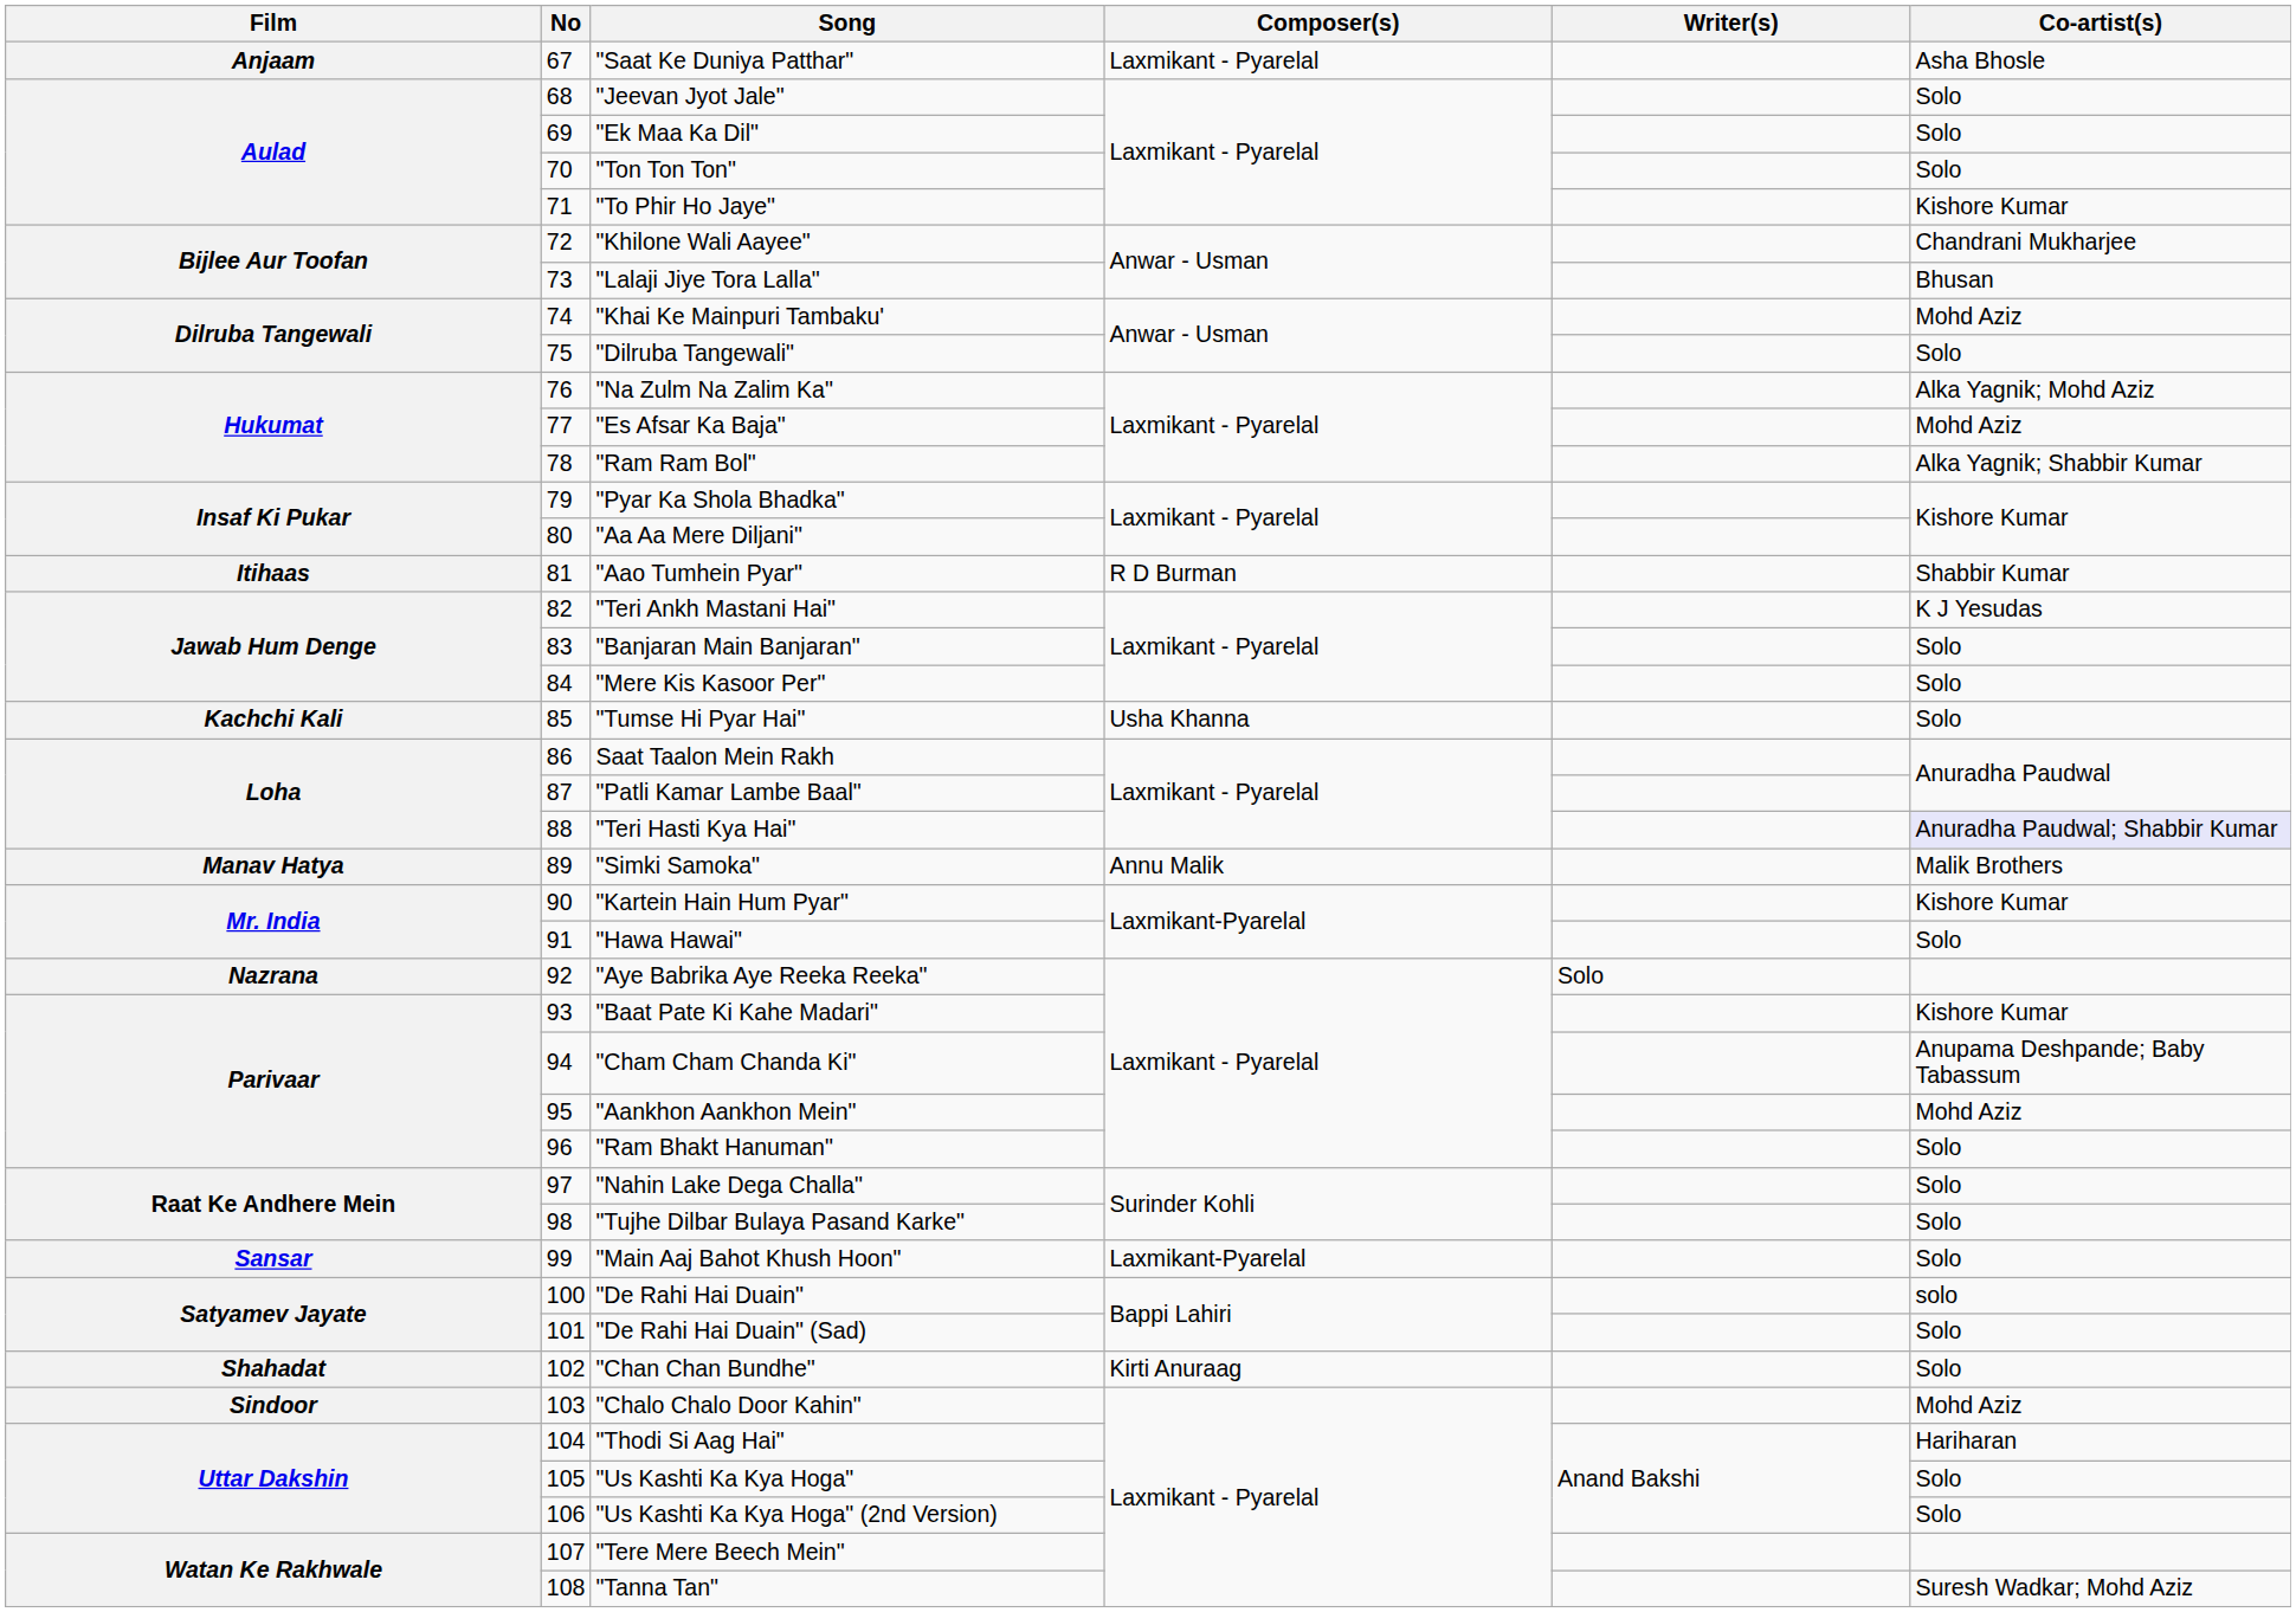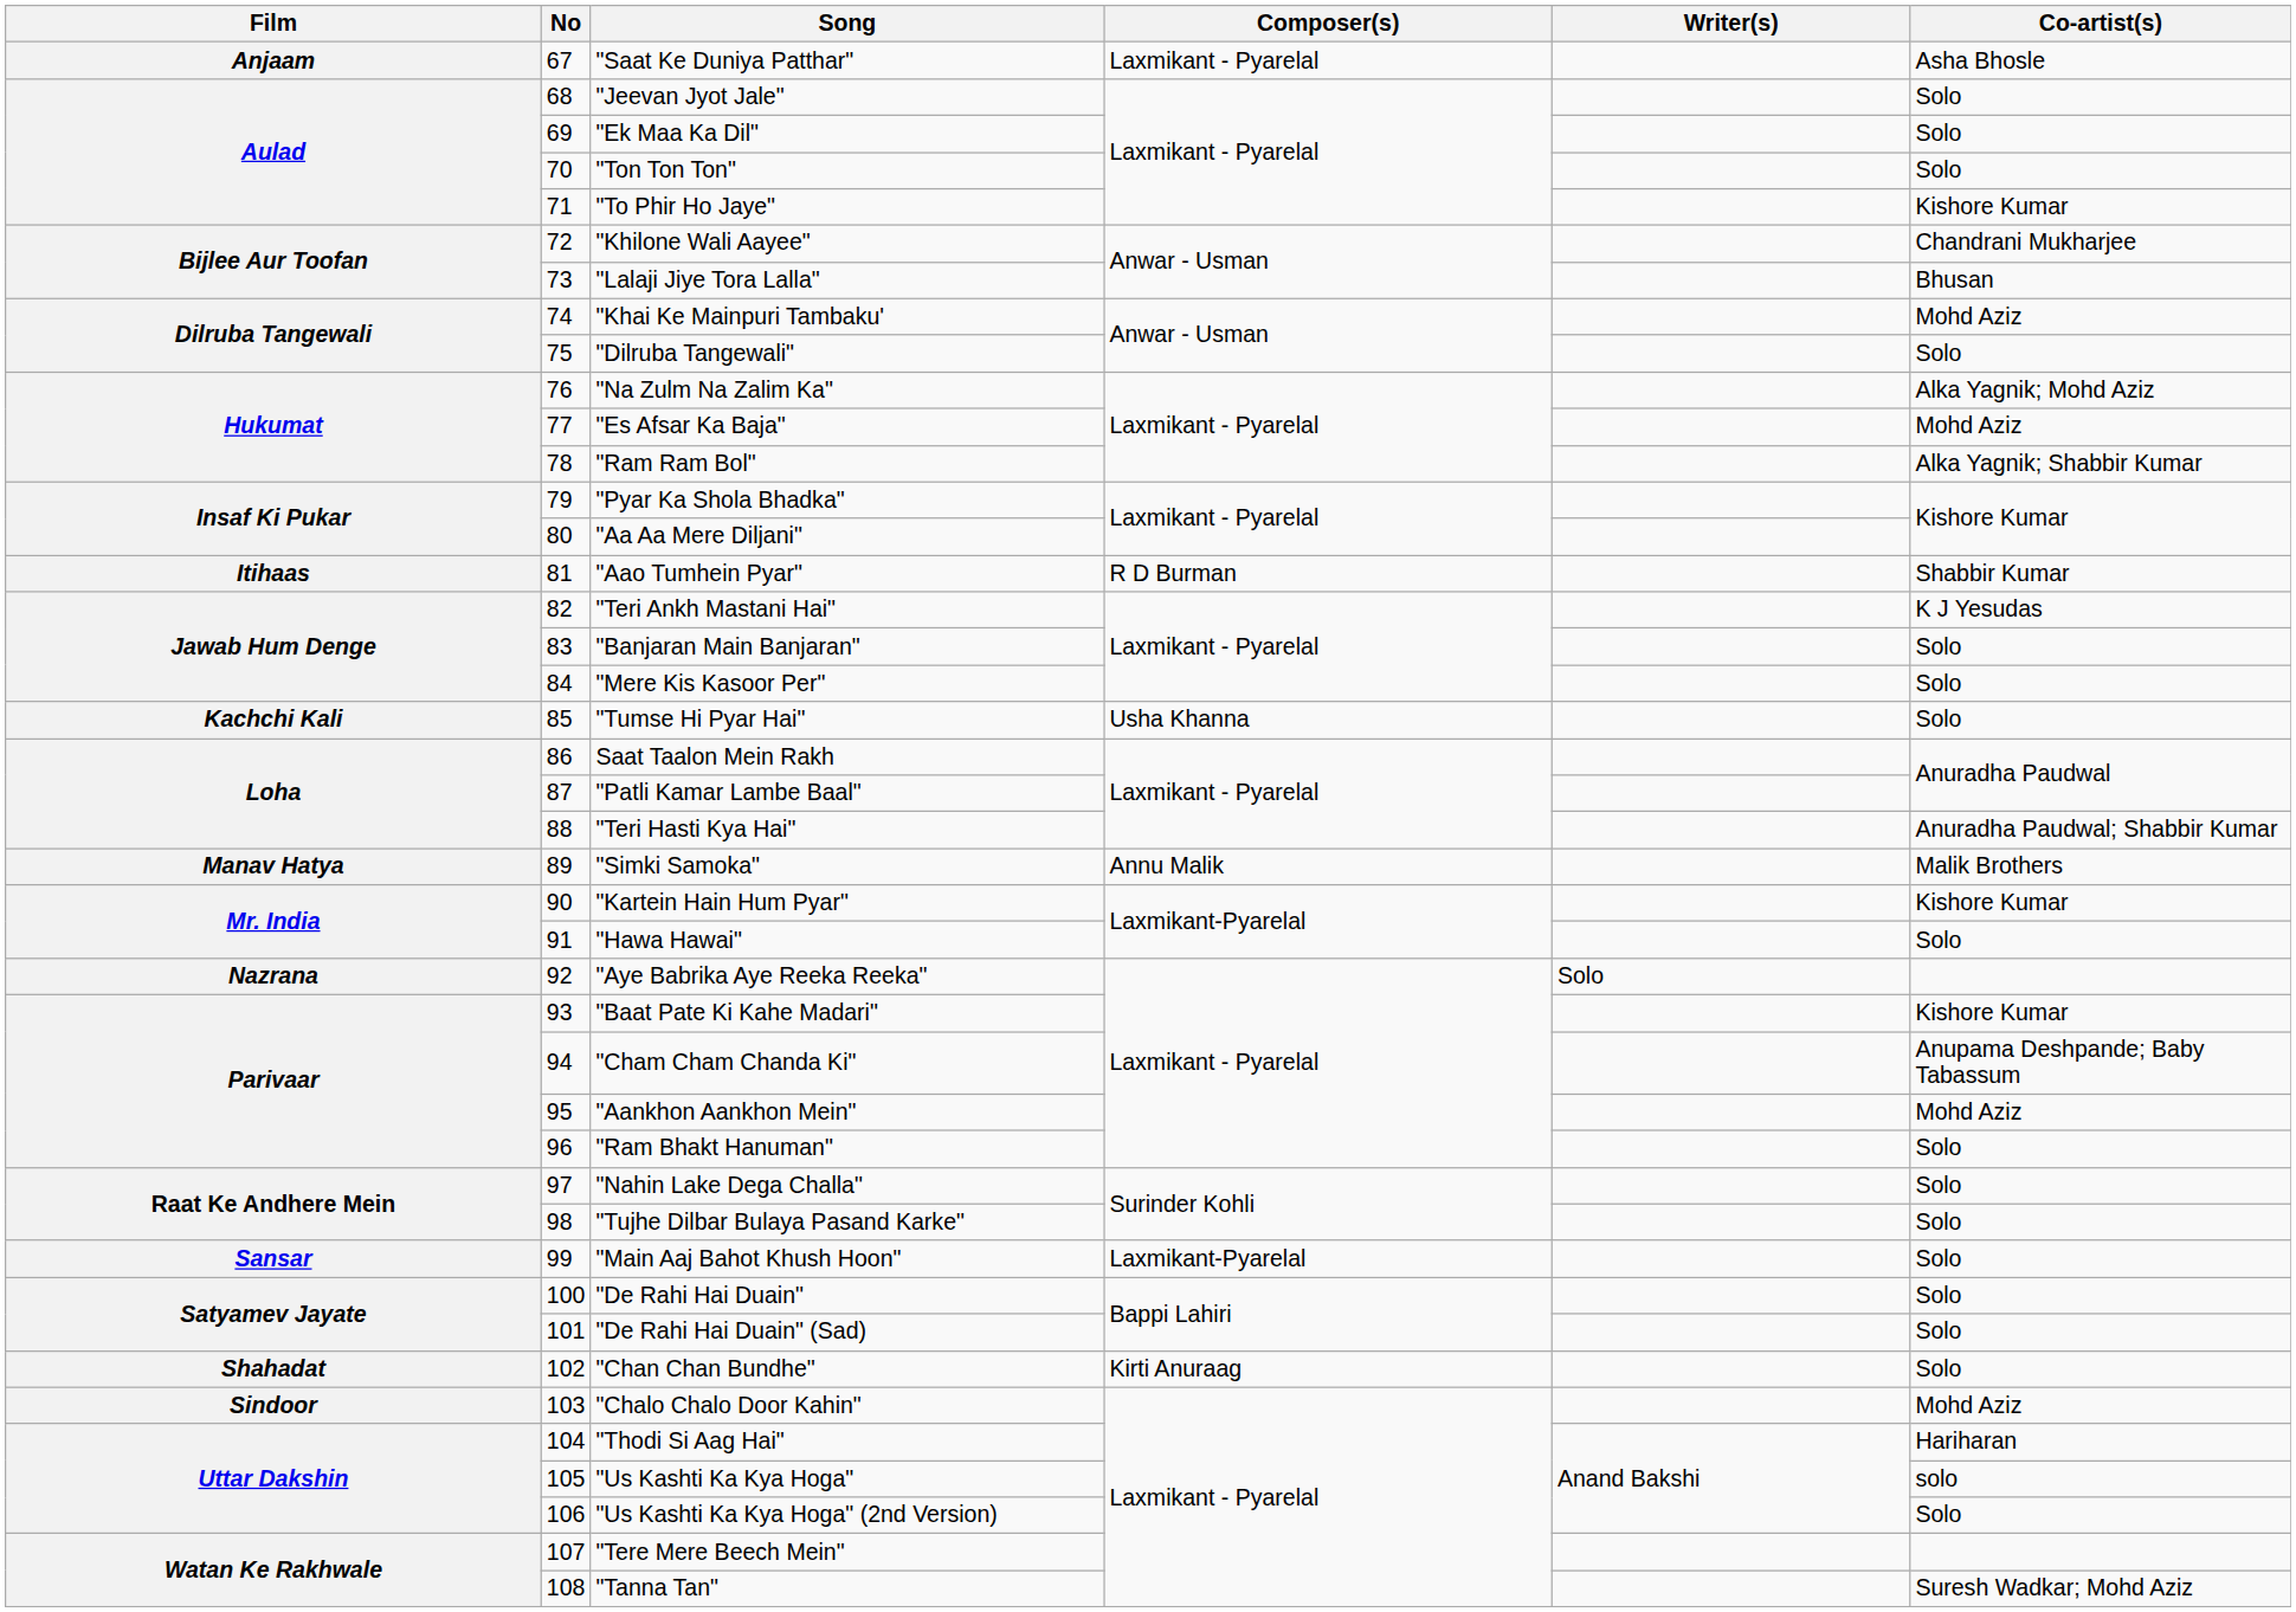 <table class="wikitable plainrowheaders" style="width:100%; textcolor:#000">
 <tr>
 <th scope="col" style="width:24%;">Film</th>
 <th>No</th>
 <th scope="col" style="width:23%;">Song</th>
 <th scope="col" style="width:20%;">Composer(s)</th>
 <th scope="col" style="width:16%;">Writer(s)</th>
 <th scope="col" style="width:18%;">Co-artist(s)</th>
 </tr>
 <tr>
 <th><em>Anjaam</em></th>
 <td>67</td>
 <td>"Saat Ke Duniya Patthar"</td>
 <td>Laxmikant - Pyarelal</td>
 <td></td>
 <td>Asha Bhosle</td>
 </tr>
 <tr>
 <th rowspan="4"><em><a href='#'>Aulad</a></em></th>
 <td>68</td>
 <td>"Jeevan Jyot Jale"</td>
 <td rowspan=4>Laxmikant - Pyarelal</td>
 <td></td>
 <td>Solo</td>
 </tr>
 <tr>
 <td>69</td>
 <td>"Ek Maa Ka Dil"</td>
 <td></td>
 <td>Solo</td>
 </tr>
 <tr>
 <td>70</td>
 <td>"Ton Ton Ton"</td>
 <td></td>
 <td>Solo</td>
 </tr>
 <tr>
 <td>71</td>
 <td>"To Phir Ho Jaye"</td>
 <td></td>
 <td>Kishore Kumar</td>
 </tr>
 <tr>
 <th rowspan=2><em>Bijlee Aur Toofan </em></th>
 <td>72</td>
 <td>"Khilone Wali Aayee"</td>
 <td rowspan=2>Anwar - Usman</td>
 <td></td>
 <td>Chandrani Mukharjee</td>
 </tr>
 <tr>
 <td>73</td>
 <td>"Lalaji Jiye Tora Lalla"</td>
 <td></td>
 <td>Bhusan</td>
 </tr>
 <tr>
 <th rowspan=2><em>Dilruba Tangewali</em></th>
 <td>74</td>
 <td>"Khai Ke Mainpuri Tambaku'</td>
 <td rowspan=2>Anwar - Usman</td>
 <td></td>
 <td>Mohd Aziz</td>
 </tr>
 <tr>
 <td>75</td>
 <td>"Dilruba Tangewali"</td>
 <td></td>
 <td>Solo</td>
 </tr>
 <tr>
 <th rowspan=3><em><a href='#'>Hukumat</a></em></th>
 <td>76</td>
 <td>"Na Zulm Na Zalim Ka"</td>
 <td rowspan=3>Laxmikant - Pyarelal</td>
 <td></td>
 <td>Alka Yagnik;  Mohd Aziz</td>
 </tr>
 <tr>
 <td>77</td>
 <td>"Es Afsar Ka Baja"</td>
 <td></td>
 <td>Mohd Aziz</td>
 </tr>
 <tr>
 <td>78</td>
 <td>"Ram Ram Bol"</td>
 <td></td>
 <td>Alka Yagnik;  Shabbir Kumar</td>
 </tr>
 <tr>
 <th rowspan=2><em>Insaf Ki Pukar</em></th>
 <td>79</td>
 <td>"Pyar Ka Shola Bhadka"</td>
 <td rowspan=2>Laxmikant - Pyarelal</td>
 <td></td>
 <td rowspan=2>Kishore Kumar</td>
 </tr>
 <tr>
 <td>80</td>
 <td>"Aa Aa Mere Diljani"</td>
 <td></td>
 </tr>
 <tr>
 <th><em>Itihaas</em></th>
 <td>81</td>
 <td>"Aao Tumhein Pyar"</td>
 <td>R D Burman</td>
 <td></td>
 <td>Shabbir Kumar</td>
 </tr>
 <tr>
 <th rowspan=3><em>Jawab Hum Denge</em></th>
 <td>82</td>
 <td>"Teri Ankh Mastani Hai"</td>
 <td rowspan=3>Laxmikant - Pyarelal</td>
 <td></td>
 <td>K J Yesudas</td>
 </tr>
 <tr>
 <td>83</td>
 <td>"Banjaran Main Banjaran"</td>
 <td></td>
 <td>Solo</td>
 </tr>
 <tr>
 <td>84</td>
 <td>"Mere Kis Kasoor Per"</td>
 <td></td>
 <td>Solo</td>
 </tr>
 <tr>
 <th><em>Kachchi Kali</em></th>
 <td>85</td>
 <td>"Tumse Hi Pyar Hai"</td>
 <td>Usha Khanna</td>
 <td></td>
 <td>Solo</td>
 </tr>
 <tr>
 <th rowspan=3><em>Loha</em></th>
 <td>86</td>
 <td>Saat Taalon Mein Rakh</td>
 <td rowspan=3>Laxmikant - Pyarelal</td>
 <td></td>
 <td rowspan=2>Anuradha Paudwal</td>
 </tr>
 <tr>
 <td>87</td>
 <td>"Patli Kamar Lambe Baal"</td>
 <td></td>
 </tr>
 <tr>
 <td>88</td>
 <td>"Teri Hasti Kya Hai"</td>
 <td></td>
-<td style="background: lavender;">Anuradha Paudwal;  Shabbir Kumar</td>
+<td>Anuradha Paudwal;  Shabbir Kumar</td>
 </tr>
 <tr>
 <th rowspan=1><em>Manav Hatya</em></th>
 <td>89</td>
 <td>"Simki Samoka"</td>
 <td>Annu Malik</td>
 <td></td>
 <td>Malik Brothers</td>
 </tr>
 <tr>
 <th rowspan=2><em><a href='#'>Mr. India</a></em></th>
 <td>90</td>
 <td>"Kartein Hain Hum Pyar"</td>
 <td rowspan=2>Laxmikant-Pyarelal</td>
 <td></td>
 <td>Kishore Kumar</td>
 </tr>
 <tr>
 <td>91</td>
 <td>"Hawa Hawai"</td>
 <td></td>
 <td>Solo</td>
 </tr>
 <tr>
 <th><em>Nazrana</em></th>
 <td>92</td>
 <td>"Aye Babrika Aye Reeka Reeka"</td>
 <td rowspan=5>Laxmikant - Pyarelal</td>
 <td>Solo</td>
 </tr>
 <tr>
 <th rowspan=4><em>Parivaar</em></th>
 <td>93</td>
 <td>"Baat Pate Ki Kahe Madari"</td>
 <td></td>
 <td>Kishore Kumar</td>
 </tr>
 <tr>
 <td>94</td>
 <td>"Cham Cham Chanda Ki"</td>
 <td></td>
 <td>Anupama Deshpande; Baby Tabassum</td>
 </tr>
 <tr>
 <td>95</td>
 <td>"Aankhon Aankhon Mein"</td>
 <td></td>
 <td>Mohd Aziz</td>
 </tr>
 <tr>
 <td>96</td>
 <td>"Ram Bhakt Hanuman"</td>
 <td></td>
 <td>Solo</td>
 </tr>
 <tr>
 <th rowspan=2>Raat Ke Andhere Mein</th>
 <td>97</td>
 <td>"Nahin Lake Dega Challa"</td>
 <td rowspan=2>Surinder Kohli</td>
 <td></td>
 <td>Solo</td>
 </tr>
 <tr>
 <td>98</td>
 <td>"Tujhe Dilbar Bulaya Pasand Karke"</td>
 <td></td>
 <td>Solo</td>
 </tr>
 <tr>
 <th><em><a href='#'>Sansar</a></em></th>
 <td>99</td>
 <td>"Main Aaj Bahot Khush Hoon"</td>
 <td>Laxmikant-Pyarelal</td>
 <td></td>
 <td>Solo</td>
 </tr>
 <tr>
 <th rowspan=2><em>Satyamev Jayate</em></th>
 <td>100</td>
 <td>"De Rahi Hai Duain"</td>
 <td rowspan=2>Bappi Lahiri</td>
 <td></td>
-<td>solo</td>
+<td>Solo</td>
 </tr>
 <tr>
 <td>101</td>
 <td>"De Rahi Hai Duain" (Sad)</td>
 <td></td>
 <td>Solo</td>
 </tr>
 <tr>
 <th><em>Shahadat</em></th>
 <td>102</td>
 <td>"Chan Chan Bundhe"</td>
 <td>Kirti Anuraag</td>
 <td></td>
 <td>Solo</td>
 </tr>
 <tr>
 <th><em>Sindoor</em></th>
 <td>103</td>
 <td>"Chalo Chalo Door Kahin"</td>
 <td rowspan=6>Laxmikant - Pyarelal</td>
 <td></td>
 <td rowspan=1>Mohd Aziz</td>
 </tr>
 <tr>
 <th rowspan=3><em><a href='#'>Uttar Dakshin</a></em></th>
 <td>104</td>
 <td>"Thodi Si Aag Hai"</td>
 <td rowspan=3>Anand Bakshi</td>
 <td>Hariharan</td>
 </tr>
 <tr>
 <td>105</td>
 <td>"Us Kashti Ka Kya Hoga"</td>
-<td>Solo</td>
+<td>solo</td>
 </tr>
 <tr>
 <td>106</td>
 <td>"Us Kashti Ka Kya Hoga" (2nd Version)</td>
 <td>Solo</td>
 </tr>
 <tr>
 <th rowspan=2><em>Watan Ke Rakhwale</em></th>
 <td>107</td>
 <td>"Tere Mere Beech Mein"</td>
 <td></td>
 <td></td>
 </tr>
 <tr>
 <td>108</td>
 <td>"Tanna Tan"</td>
 <td></td>
 <td>Suresh Wadkar; Mohd Aziz</td>
 </tr>
 <tr>
 </tr>
 </table>
